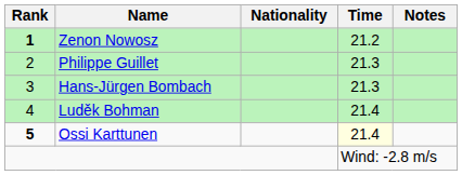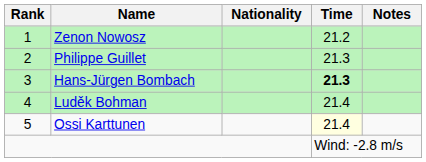 <table class="wikitable sortable" style="text-align:center;width: 55%">
 <tr>
 <th>Rank</th>
 <th>Name</th>
 <th>Nationality</th>
 <th>Time</th>
 <th>Notes</th>
 </tr>
 <tr bgcolor=bbf3bb>
-<td><strong>1</strong></td>
+<td>1</td>
 <td align=left><a href='#'>Zenon Nowosz</a></td>
 <td align=left></td>
 <td>21.2</td>
 <td></td>
 </tr>
 <tr bgcolor=bbf3bb>
 <td>2</td>
 <td align=left><a href='#'>Philippe Guillet</a></td>
 <td align=left></td>
 <td>21.3</td>
 <td></td>
 </tr>
 <tr bgcolor=bbf3bb>
 <td>3</td>
 <td align=left><a href='#'>Hans-Jürgen Bombach</a></td>
 <td align=left></td>
-<td>21.3</td>
+<td><strong>21.3</strong></td>
 <td></td>
 </tr>
 <tr bgcolor=bbf3bb>
 <td>4</td>
 <td align=left><a href='#'>Luděk Bohman</a></td>
 <td align=left></td>
 <td>21.4</td>
 <td></td>
 </tr>
 <tr>
-<td><strong>5</strong></td>
+<td>5</td>
 <td align=left><a href='#'>Ossi Karttunen</a></td>
 <td align=left></td>
 <td style="background: lightyellow;">21.4</td>
 <td></td>
 </tr>
 <tr class="sortbottom">
 <td colspan="3"></td>
 <td colspan="2" style="text-align:left;">Wind: -2.8 m/s</td>
 </tr>
 </table>
